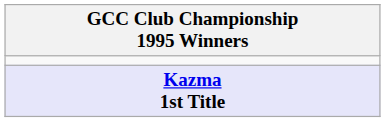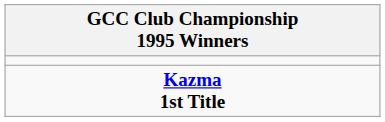 <table class="wikitable" style="text-align: center; margin: 0 auto; width: 20%">
 <tr>
 <th>GCC Club Championship <br>1995 Winners</th>
 </tr>
 <tr>
 <td></td>
 </tr>
 <tr>
-<td style="background: lavender;"><strong><a href='#'>Kazma</a></strong><br><strong>1st Title</strong></td>
+<td><strong><a href='#'>Kazma</a></strong><br><strong>1st Title</strong></td>
 </tr>
 </table>
